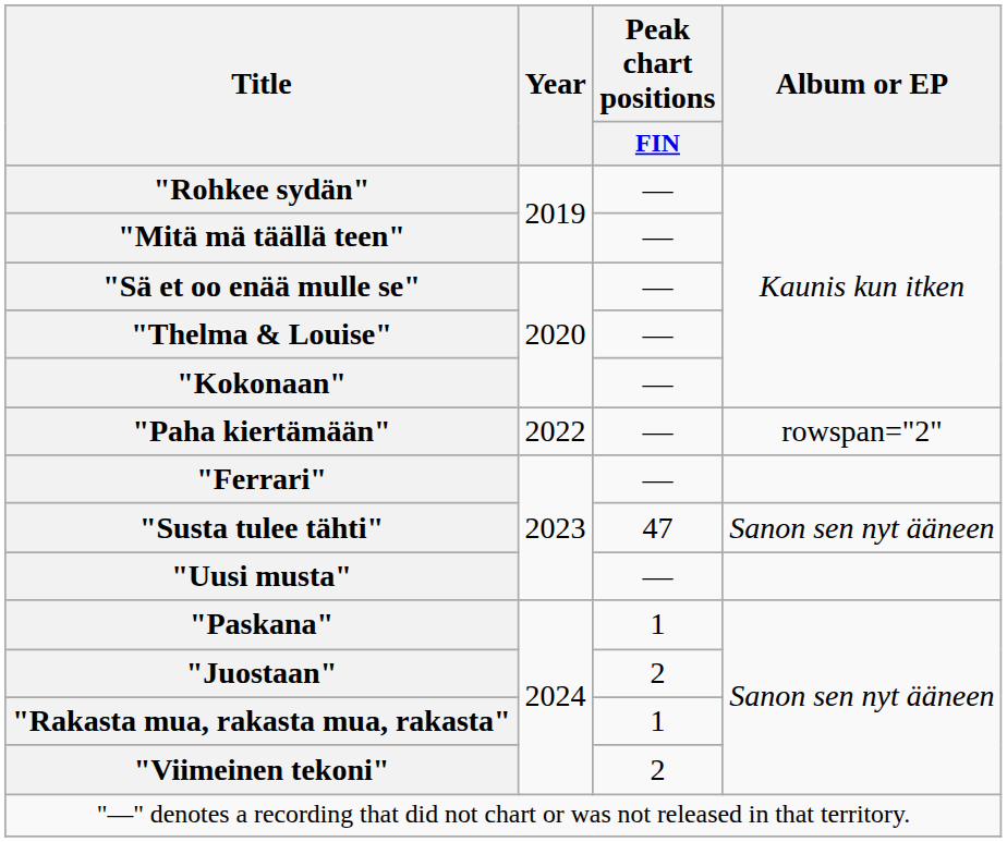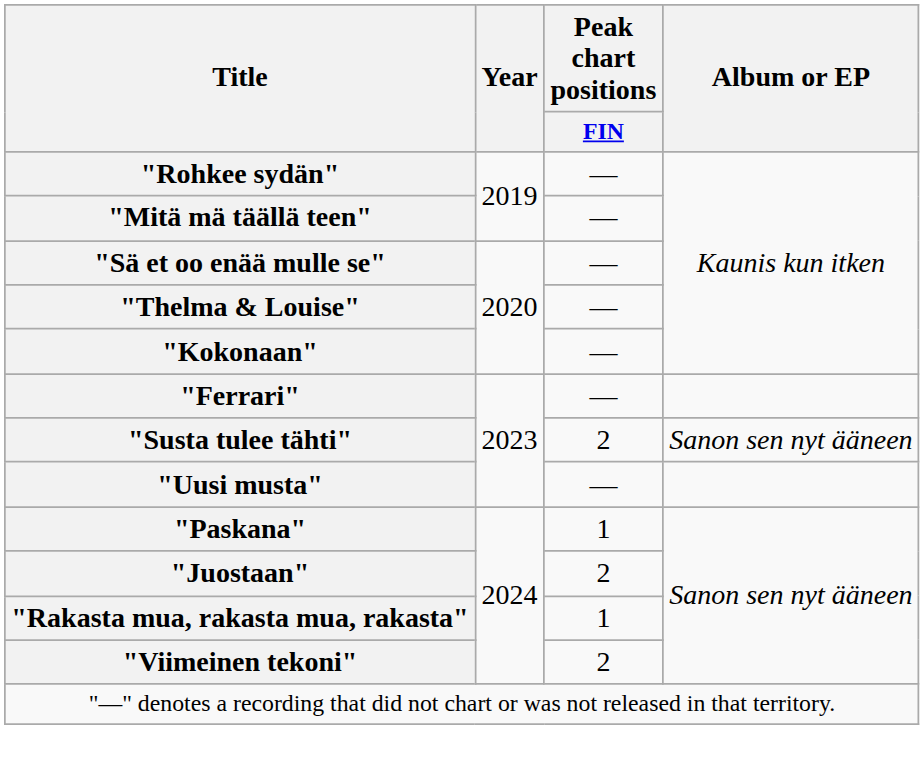 <table class="wikitable plainrowheaders" style="text-align:center;">
 <tr>
 <th scope="col" rowspan="2">Title</th>
 <th scope="col" rowspan="2">Year</th>
 <th scope="col" colspan="1">Peak chart positions</th>
 <th scope="col" rowspan="2">Album or EP</th>
 </tr>
 <tr>
 <th scope="col" style="width:3em;font-size:85%;"><a href='#'>FIN</a><br></th>
 </tr>
 <tr>
 <th scope="row">"Rohkee sydän"</th>
 <td rowspan="2">2019</td>
 <td>—</td>
 <td rowspan="5"><em>Kaunis kun itken</em></td>
 </tr>
 <tr>
 <th scope="row">"Mitä mä täällä teen"</th>
 <td>—</td>
 </tr>
 <tr>
 <th scope="row">"Sä et oo enää mulle se"</th>
 <td rowspan="3">2020</td>
 <td>—</td>
 </tr>
 <tr>
 <th scope="row">"Thelma & Louise"</th>
 <td>—</td>
 </tr>
 <tr>
 <th scope="row">"Kokonaan"</th>
 <td>—</td>
 </tr>
 <tr>
-<th scope="row">"Paha kiertämään"</th>
-<td>2022</td>
-<td>—</td>
-<td>rowspan="2" </td>
-</tr>
-<tr>
 <th scope="row">"Ferrari"</th>
 <td rowspan="3">2023</td>
 <td>—</td>
 </tr>
 <tr>
 <th scope="row">"Susta tulee tähti"</th>
-<td>47</td>
+<td>2</td>
 <td><em>Sanon sen nyt ääneen</em></td>
 </tr>
 <tr>
 <th scope="row">"Uusi musta"</th>
 <td>—</td>
 <td></td>
 </tr>
 <tr>
 <th scope="row">"Paskana"</th>
 <td rowspan="4">2024</td>
 <td>1</td>
 <td rowspan="4"><em>Sanon sen nyt ääneen</em></td>
 </tr>
 <tr>
 <th scope="row">"Juostaan"<br></th>
 <td>2</td>
 </tr>
 <tr>
 <th scope="row">"Rakasta mua, rakasta mua, rakasta"</th>
 <td>1</td>
 </tr>
 <tr>
 <th scope="row">"Viimeinen tekoni"</th>
 <td>2</td>
 </tr>
 <tr>
 <td colspan="4" style="font-size:85%">"—" denotes a recording that did not chart or was not released in that territory.</td>
 </tr>
 </table>
